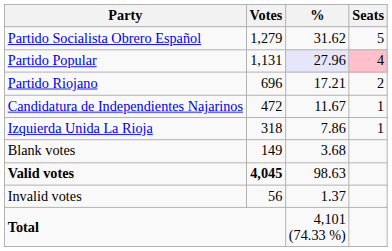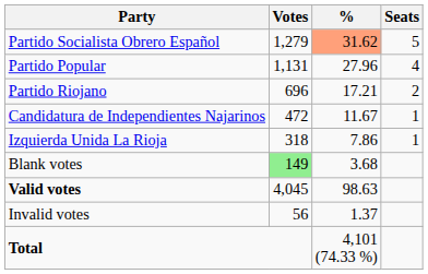 <table class="wikitable">
 <tr style="background:#e9e9e9;">
 <th>Party</th>
 <th>Votes</th>
 <th>%</th>
 <th>Seats</th>
 </tr>
 <tr>
 <td><a href='#'>Partido Socialista Obrero Español</a></td>
 <td align="right">1,279</td>
-<td align="right">31.62</td>
+<td align="right" style="background: lightsalmon;">31.62</td>
 <td align="right">5</td>
 </tr>
 <tr>
 <td><a href='#'>Partido Popular</a></td>
 <td align="right">1,131</td>
-<td align="right" style="background: lavender;">27.96</td>
-<td align="right" style="background: pink;">4</td>
+<td align="right">27.96</td>
+<td align="right">4</td>
 </tr>
 <tr>
 <td><a href='#'>Partido Riojano</a></td>
 <td align="right">696</td>
 <td align="right">17.21</td>
 <td align="right">2</td>
 </tr>
 <tr>
 <td><a href='#'>Candidatura de Independientes Najarinos</a></td>
 <td align="right">472</td>
 <td align="right">11.67</td>
 <td align="right">1</td>
 </tr>
 <tr>
 <td><a href='#'>Izquierda Unida La Rioja</a></td>
 <td align="right">318</td>
 <td align="right">7.86</td>
 <td align="right">1</td>
 </tr>
 <tr>
 <td>Blank votes</td>
-<td align="right">149</td>
+<td align="right" style="background: lightgreen;">149</td>
 <td align="right">3.68</td>
 <td> </td>
 </tr>
 <tr>
 <td><strong>Valid votes</strong></td>
-<td align="right"><strong>4,045</strong></td>
+<td align="right">4,045</td>
 <td align="right">98.63</td>
 <td> </td>
 </tr>
 <tr>
 <td>Invalid votes</td>
 <td align="right">56</td>
 <td align="right">1.37</td>
 <td> </td>
 </tr>
 <tr>
 <td colspan="2"><strong>Total</strong></td>
 <td align="right">4,101<br>(74.33 %)</td>
 <td></td>
 </tr>
 </table>
